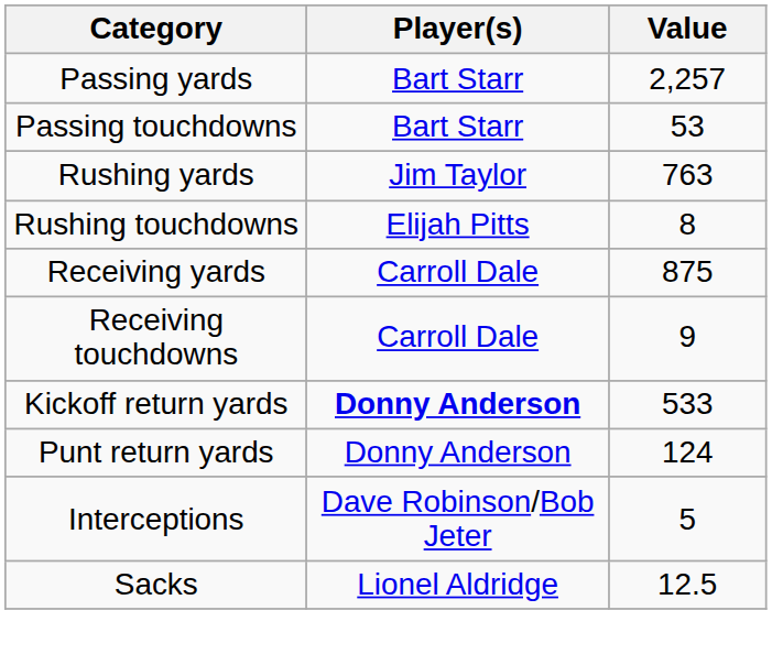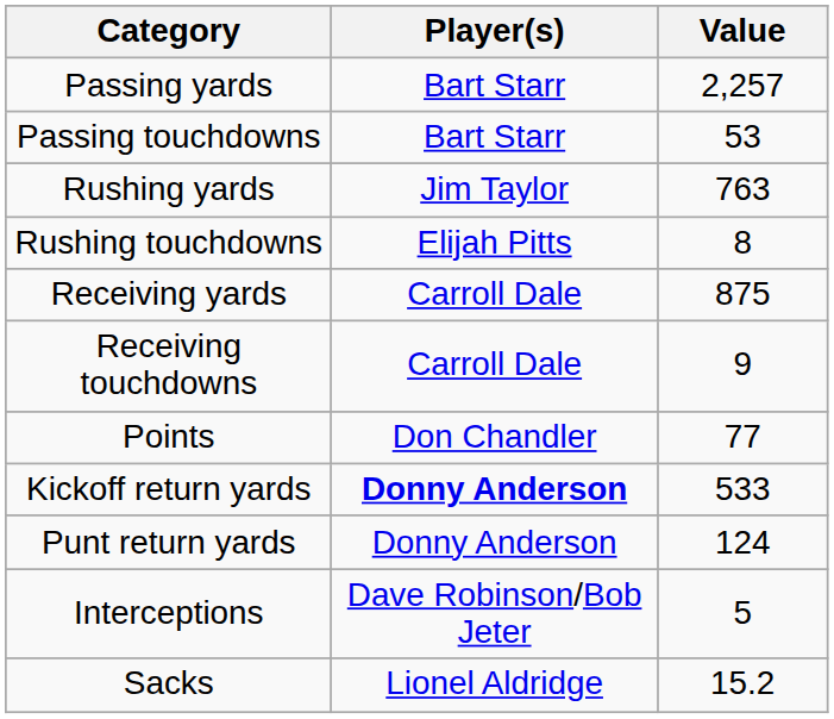 <table class="wikitable" style="text-align:center">
 <tr>
 <th width=150px>Category</th>
 <th width=150px>Player(s)</th>
 <th width=75px>Value</th>
 </tr>
 <tr>
 <td>Passing yards</td>
 <td><a href='#'>Bart Starr</a></td>
 <td>2,257</td>
 </tr>
 <tr>
 <td>Passing touchdowns</td>
 <td><a href='#'>Bart Starr</a></td>
 <td>53</td>
 </tr>
 <tr>
 <td>Rushing yards</td>
 <td><a href='#'>Jim Taylor</a></td>
 <td>763</td>
 </tr>
 <tr>
 <td>Rushing touchdowns</td>
 <td><a href='#'>Elijah Pitts</a></td>
 <td>8</td>
 </tr>
 <tr>
 <td>Receiving yards</td>
 <td><a href='#'>Carroll Dale</a></td>
 <td>875</td>
 </tr>
 <tr>
 <td>Receiving touchdowns</td>
 <td><a href='#'>Carroll Dale</a></td>
 <td>9</td>
 </tr>
 <tr>
+<td>Points</td>
+<td><a href='#'>Don Chandler</a></td>
+<td>77</td>
+</tr>
+<tr>
 <td>Kickoff return yards</td>
 <td><strong><a href='#'>Donny Anderson</a></strong></td>
 <td>533</td>
 </tr>
 <tr>
 <td>Punt return yards</td>
 <td><a href='#'>Donny Anderson</a></td>
 <td>124</td>
 </tr>
 <tr>
 <td>Interceptions</td>
 <td><a href='#'>Dave Robinson</a>/<a href='#'>Bob Jeter</a></td>
 <td>5</td>
 </tr>
 <tr>
 <td>Sacks</td>
 <td><a href='#'>Lionel Aldridge</a></td>
-<td>12.5</td>
+<td>15.2</td>
 </tr>
 </table>
